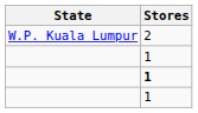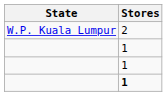 <table class="wikitable">
 <tr>
 <th>State</th>
 <th>Stores</th>
 </tr>
 <tr>
 <td> <a href='#'>W.P. Kuala Lumpur</a></td>
 <td>2</td>
 </tr>
 <tr>
 <td></td>
 <td>1</td>
 </tr>
 <tr>
 <td></td>
-<td><strong>1</strong></td>
+<td>1</td>
 </tr>
 <tr>
 <td></td>
-<td>1</td>
+<td><strong>1</strong></td>
 </tr>
 </table>
